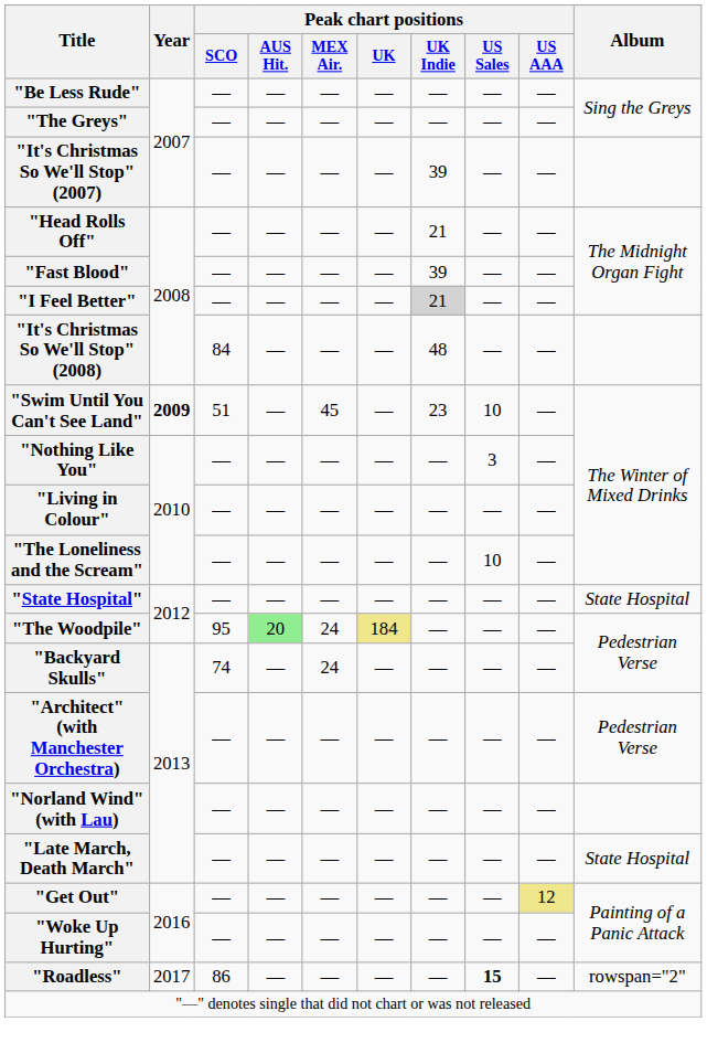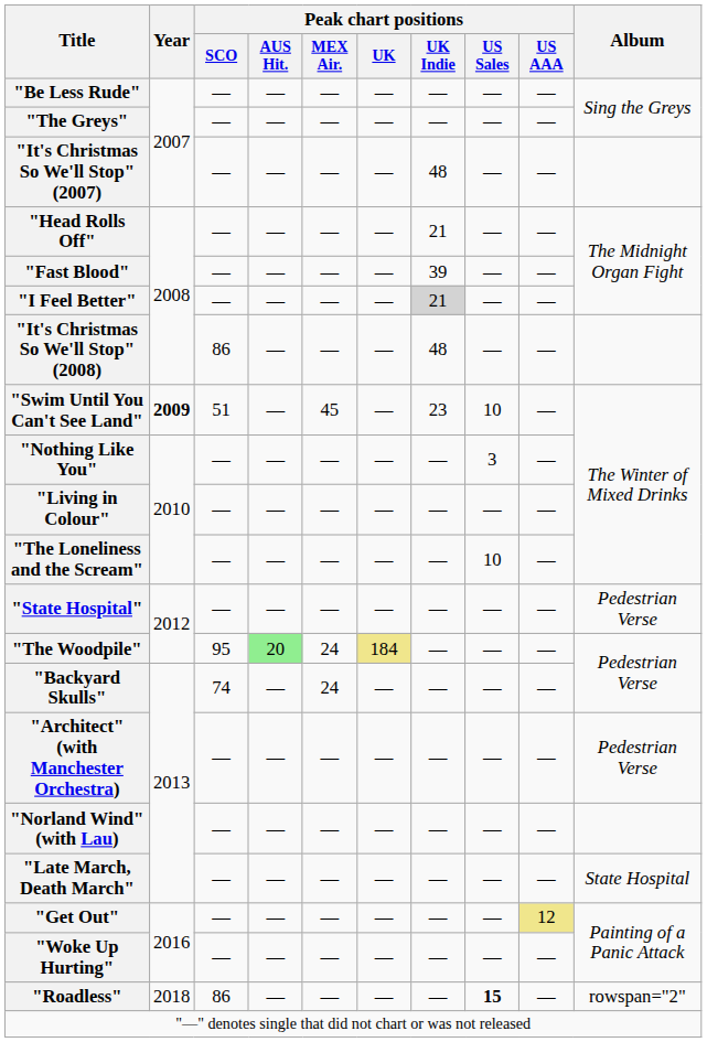 <table class="wikitable plainrowheaders" style="text-align:center;">
 <tr>
 <th scope="col" rowspan="2">Title</th>
 <th scope="col" rowspan="2">Year</th>
 <th scope="col" colspan="7">Peak chart positions</th>
 <th scope="col" rowspan="2">Album</th>
 </tr>
 <tr>
 <th scope="col" style="width:3em;font-size:85%;"><a href='#'>SCO</a><br></th>
 <th scope="col" style="width:3em;font-size:85%;"><a href='#'>AUS<br>Hit.</a><br></th>
 <th scope="col" style="width:3em;font-size:85%;"><a href='#'>MEX<br>Air.</a><br></th>
 <th scope="col" style="width:3em;font-size:85%;"><a href='#'>UK</a><br></th>
 <th scope="col" style="width:3em;font-size:85%;"><a href='#'>UK<br>Indie</a><br></th>
 <th scope="col" style="width:3em;font-size:85%;"><a href='#'>US<br>Sales</a><br></th>
 <th scope="col" style="width:3em;font-size:85%;"><a href='#'>US<br>AAA</a><br></th>
 </tr>
 <tr>
 <th scope="row">"Be Less Rude"</th>
 <td rowspan="3">2007</td>
 <td>—</td>
 <td>—</td>
 <td>—</td>
 <td>—</td>
 <td>—</td>
 <td>—</td>
 <td>—</td>
 <td rowspan="2"><em>Sing the Greys</em></td>
 </tr>
 <tr>
 <th scope="row">"The Greys"</th>
 <td>—</td>
 <td>—</td>
 <td>—</td>
 <td>—</td>
 <td>—</td>
 <td>—</td>
 <td>—</td>
 </tr>
 <tr>
 <th scope="row">"It's Christmas So We'll Stop" (2007)</th>
 <td>—</td>
 <td>—</td>
 <td>—</td>
 <td>—</td>
-<td>39</td>
+<td>48</td>
 <td>—</td>
 <td>—</td>
 <td></td>
 </tr>
 <tr>
 <th scope="row">"Head Rolls Off"</th>
 <td rowspan="4">2008</td>
 <td>—</td>
 <td>—</td>
 <td>—</td>
 <td>—</td>
 <td>21</td>
 <td>—</td>
 <td>—</td>
 <td rowspan="3"><em>The Midnight Organ Fight</em></td>
 </tr>
 <tr>
 <th scope="row">"Fast Blood"</th>
 <td>—</td>
 <td>—</td>
 <td>—</td>
 <td>—</td>
 <td>39</td>
 <td>—</td>
 <td>—</td>
 </tr>
 <tr>
 <th scope="row">"I Feel Better"</th>
 <td>—</td>
 <td>—</td>
 <td>—</td>
 <td>—</td>
 <td style="background: lightgrey;">21</td>
 <td>—</td>
 <td>—</td>
 </tr>
 <tr>
 <th scope="row">"It's Christmas So We'll Stop" (2008)</th>
-<td>84</td>
+<td>86</td>
 <td>—</td>
 <td>—</td>
 <td>—</td>
 <td>48</td>
 <td>—</td>
 <td>—</td>
 <td></td>
 </tr>
 <tr>
 <th scope="row">"Swim Until You Can't See Land"</th>
 <td><strong>2009</strong></td>
 <td>51</td>
 <td>—</td>
 <td>45</td>
 <td>—</td>
 <td>23</td>
 <td>10</td>
 <td>—</td>
 <td rowspan="4"><em>The Winter of Mixed Drinks</em></td>
 </tr>
 <tr>
 <th scope="row">"Nothing Like You"</th>
 <td rowspan="3">2010</td>
 <td>—</td>
 <td>—</td>
 <td>—</td>
 <td>—</td>
 <td>—</td>
 <td>3</td>
 <td>—</td>
 </tr>
 <tr>
 <th scope="row">"Living in Colour"</th>
 <td>—</td>
 <td>—</td>
 <td>—</td>
 <td>—</td>
 <td>—</td>
 <td>—</td>
 <td>—</td>
 </tr>
 <tr>
 <th scope="row">"The Loneliness and the Scream"</th>
 <td>—</td>
 <td>—</td>
 <td>—</td>
 <td>—</td>
 <td>—</td>
 <td>10</td>
 <td>—</td>
 </tr>
 <tr>
 <th scope="row">"<a href='#'>State Hospital</a>"</th>
 <td rowspan="2">2012</td>
 <td>—</td>
 <td>—</td>
 <td>—</td>
 <td>—</td>
 <td>—</td>
 <td>—</td>
 <td>—</td>
-<td><em>State Hospital</em></td>
+<td><em>Pedestrian Verse</em></td>
 </tr>
 <tr>
 <th scope="row">"The Woodpile"</th>
 <td>95</td>
 <td style="background: lightgreen;">20</td>
 <td>24</td>
 <td style="background: khaki;">184</td>
 <td>—</td>
 <td>—</td>
 <td>—</td>
 <td rowspan="2"><em>Pedestrian Verse</em></td>
 </tr>
 <tr>
 <th scope="row">"Backyard Skulls"</th>
 <td rowspan="4">2013</td>
 <td>74</td>
 <td>—</td>
 <td>24</td>
 <td>—</td>
 <td>—</td>
 <td>—</td>
 <td>—</td>
 </tr>
 <tr>
 <th scope="row">"Architect"<br><span>(with <a href='#'>Manchester Orchestra</a>)</span></th>
 <td>—</td>
 <td>—</td>
 <td>—</td>
 <td>—</td>
 <td>—</td>
 <td>—</td>
 <td>—</td>
 <td><em>Pedestrian Verse</em></td>
 </tr>
 <tr>
 <th scope="row">"Norland Wind"<br><span>(with <a href='#'>Lau</a>)</span></th>
 <td>—</td>
 <td>—</td>
 <td>—</td>
 <td>—</td>
 <td>—</td>
 <td>—</td>
 <td>—</td>
 </tr>
 <tr>
 <th scope="row">"Late March, Death March"</th>
 <td>—</td>
 <td>—</td>
 <td>—</td>
 <td>—</td>
 <td>—</td>
 <td>—</td>
 <td>—</td>
 <td><em>State Hospital</em></td>
 </tr>
 <tr>
 <th scope="row">"Get Out"</th>
 <td rowspan="2">2016</td>
 <td>—</td>
 <td>—</td>
 <td>—</td>
 <td>—</td>
 <td>—</td>
 <td>—</td>
 <td style="background: khaki;">12</td>
 <td rowspan="2"><em>Painting of a Panic Attack</em></td>
 </tr>
 <tr>
 <th scope="row">"Woke Up Hurting"</th>
 <td>—</td>
 <td>—</td>
 <td>—</td>
 <td>—</td>
 <td>—</td>
 <td>—</td>
 <td>—</td>
 </tr>
 <tr>
 <th scope="row">"Roadless"</th>
-<td>2017</td>
+<td>2018</td>
 <td>86</td>
 <td>—</td>
 <td>—</td>
 <td>—</td>
 <td>—</td>
 <td><strong>15</strong></td>
 <td>—</td>
 <td>rowspan="2" </td>
 </tr>
 <tr>
 <td colspan="10" style="text-align:center; font-size:85%;">"—" denotes single that did not chart or was not released</td>
 </tr>
 </table>
